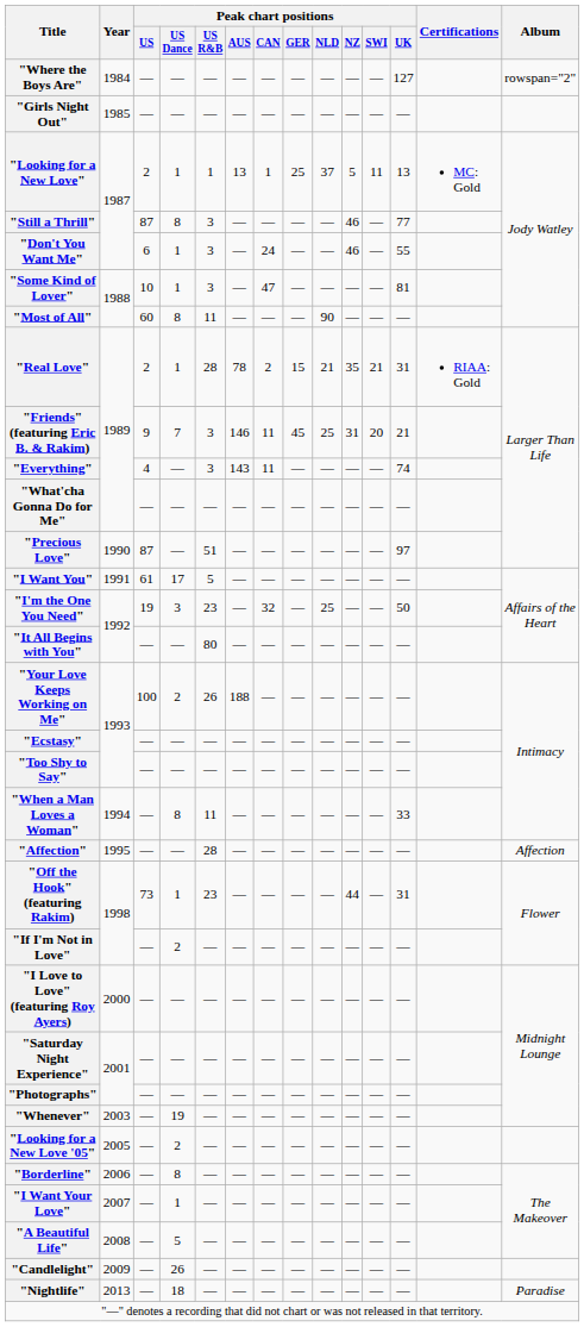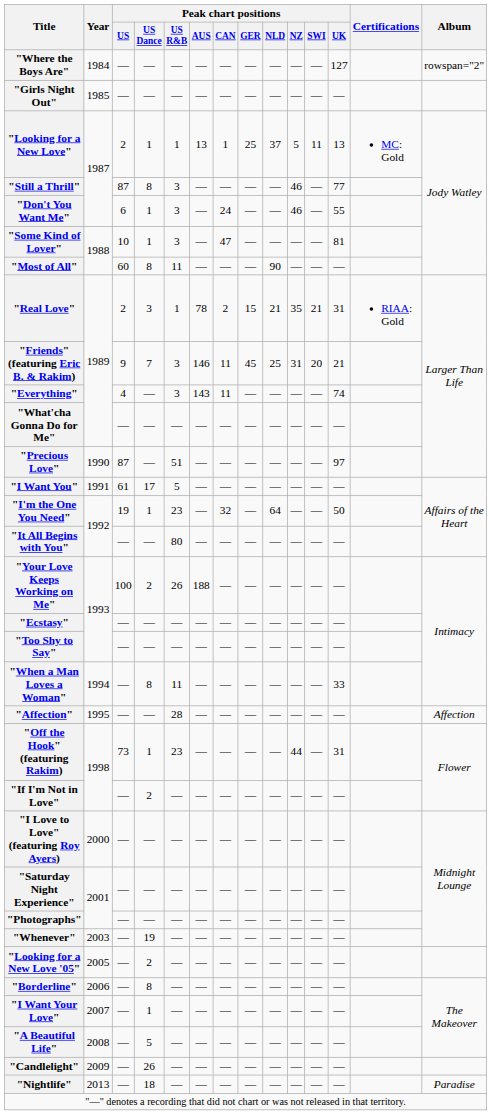 <table class="wikitable plainrowheaders" style="text-align:center;">
 <tr>
 <th rowspan="2">Title</th>
 <th rowspan="2">Year</th>
 <th colspan="10">Peak chart positions</th>
 <th rowspan="2"><a href='#'>Certifications</a></th>
 <th rowspan="2">Album</th>
 </tr>
 <tr style="font-size:smaller;">
 <th width="30"><a href='#'>US</a><br></th>
 <th width="30"><a href='#'>US Dance</a><br></th>
 <th width="30"><a href='#'>US R&B</a><br></th>
 <th width="30"><a href='#'>AUS</a><br></th>
 <th width="30"><a href='#'>CAN</a><br></th>
 <th width="30"><a href='#'>GER</a><br></th>
 <th width="30"><a href='#'>NLD</a><br></th>
 <th width="30"><a href='#'>NZ</a><br></th>
 <th width="30"><a href='#'>SWI</a><br></th>
 <th width="30"><a href='#'>UK</a><br></th>
 </tr>
 <tr>
 <th scope="row">"Where the Boys Are"</th>
 <td>1984</td>
 <td>—</td>
 <td>—</td>
 <td>—</td>
 <td>—</td>
 <td>—</td>
 <td>—</td>
 <td>—</td>
 <td>—</td>
 <td>—</td>
 <td>127</td>
 <td></td>
 <td>rowspan="2" </td>
 </tr>
 <tr>
 <th scope="row">"Girls Night Out"</th>
 <td>1985</td>
 <td>—</td>
 <td>—</td>
 <td>—</td>
 <td>—</td>
 <td>—</td>
 <td>—</td>
 <td>—</td>
 <td>—</td>
 <td>—</td>
 <td>—</td>
 <td></td>
 </tr>
 <tr>
 <th scope="row">"<a href='#'>Looking for a New Love</a>"</th>
 <td rowspan="3">1987</td>
 <td>2</td>
 <td>1</td>
 <td>1</td>
 <td>13</td>
 <td>1</td>
 <td>25</td>
 <td>37</td>
 <td>5</td>
 <td>11</td>
 <td>13</td>
 <td align="left"><br><ul><li><a href='#'>MC</a>: Gold</li></ul></td>
 <td rowspan="5"><em>Jody Watley</em></td>
 </tr>
 <tr>
 <th scope="row">"<a href='#'>Still a Thrill</a>"</th>
 <td>87</td>
 <td>8</td>
 <td>3</td>
 <td>—</td>
 <td>—</td>
 <td>—</td>
 <td>—</td>
 <td>46</td>
 <td>—</td>
 <td>77</td>
 <td></td>
 </tr>
 <tr>
 <th scope="row">"<a href='#'>Don't You Want Me</a>"</th>
 <td>6</td>
 <td>1</td>
 <td>3</td>
 <td>—</td>
 <td>24</td>
 <td>—</td>
 <td>—</td>
 <td>46</td>
 <td>—</td>
 <td>55</td>
 <td></td>
 </tr>
 <tr>
 <th scope="row">"<a href='#'>Some Kind of Lover</a>"</th>
 <td rowspan="2">1988</td>
 <td>10</td>
 <td>1</td>
 <td>3</td>
 <td>—</td>
 <td>47</td>
 <td>—</td>
 <td>—</td>
 <td>—</td>
 <td>—</td>
 <td>81</td>
 <td></td>
 </tr>
 <tr>
 <th scope="row">"<a href='#'>Most of All</a>"</th>
 <td>60</td>
 <td>8</td>
 <td>11</td>
 <td>—</td>
 <td>—</td>
 <td>—</td>
 <td>90</td>
 <td>—</td>
 <td>—</td>
 <td>—</td>
 <td></td>
 </tr>
 <tr>
 <th scope="row">"<a href='#'>Real Love</a>"</th>
 <td rowspan="4">1989</td>
 <td>2</td>
+<td>3</td>
 <td>1</td>
-<td>28</td>
 <td>78</td>
 <td>2</td>
 <td>15</td>
 <td>21</td>
 <td>35</td>
 <td>21</td>
 <td>31</td>
 <td align="left"><br><ul><li><a href='#'>RIAA</a>: Gold</li></ul></td>
 <td rowspan="5"><em>Larger Than Life</em></td>
 </tr>
 <tr>
 <th scope="row">"<a href='#'>Friends</a>"<br><span>(featuring <a href='#'>Eric B. & Rakim</a>)</span></th>
 <td>9</td>
 <td>7</td>
 <td>3</td>
 <td>146</td>
 <td>11</td>
 <td>45</td>
 <td>25</td>
 <td>31</td>
 <td>20</td>
 <td>21</td>
 <td></td>
 </tr>
 <tr>
 <th scope="row">"<a href='#'>Everything</a>"</th>
 <td>4</td>
 <td>—</td>
 <td>3</td>
 <td>143</td>
 <td>11</td>
 <td>—</td>
 <td>—</td>
 <td>—</td>
 <td>—</td>
 <td>74</td>
 <td></td>
 </tr>
 <tr>
 <th scope="row">"What'cha Gonna Do for Me"</th>
 <td>—</td>
 <td>—</td>
 <td>—</td>
 <td>—</td>
 <td>—</td>
 <td>—</td>
 <td>—</td>
 <td>—</td>
 <td>—</td>
 <td>—</td>
 <td></td>
 </tr>
 <tr>
 <th scope="row">"<a href='#'>Precious Love</a>"</th>
 <td>1990</td>
 <td>87</td>
 <td>—</td>
 <td>51</td>
 <td>—</td>
 <td>—</td>
 <td>—</td>
 <td>—</td>
 <td>—</td>
 <td>—</td>
 <td>97</td>
 <td></td>
 </tr>
 <tr>
 <th scope="row">"<a href='#'>I Want You</a>"</th>
 <td>1991</td>
 <td>61</td>
 <td>17</td>
 <td>5</td>
 <td>—</td>
 <td>—</td>
 <td>—</td>
 <td>—</td>
 <td>—</td>
 <td>—</td>
 <td>—</td>
 <td></td>
 <td rowspan="3"><em>Affairs of the Heart</em></td>
 </tr>
 <tr>
 <th scope="row">"<a href='#'>I'm the One You Need</a>"</th>
 <td rowspan="2">1992</td>
 <td>19</td>
-<td>3</td>
+<td>1</td>
 <td>23</td>
 <td>—</td>
 <td>32</td>
 <td>—</td>
-<td>25</td>
+<td>64</td>
 <td>—</td>
 <td>—</td>
 <td>50</td>
 <td></td>
 </tr>
 <tr>
 <th scope="row">"<a href='#'>It All Begins with You</a>"</th>
 <td>—</td>
 <td>—</td>
 <td>80</td>
 <td>—</td>
 <td>—</td>
 <td>—</td>
 <td>—</td>
 <td>—</td>
 <td>—</td>
 <td>—</td>
 <td></td>
 </tr>
 <tr>
 <th scope="row">"<a href='#'>Your Love Keeps Working on Me</a>"</th>
 <td rowspan="3">1993</td>
 <td>100</td>
 <td>2</td>
 <td>26</td>
 <td>188</td>
 <td>—</td>
 <td>—</td>
 <td>—</td>
 <td>—</td>
 <td>—</td>
 <td>—</td>
 <td></td>
 <td rowspan="4"><em>Intimacy</em></td>
 </tr>
 <tr>
 <th scope="row">"<a href='#'>Ecstasy</a>"</th>
 <td>—</td>
 <td>—</td>
 <td>—</td>
 <td>—</td>
 <td>—</td>
 <td>—</td>
 <td>—</td>
 <td>—</td>
 <td>—</td>
 <td>—</td>
 <td></td>
 </tr>
 <tr>
 <th scope="row">"<a href='#'>Too Shy to Say</a>"</th>
 <td>—</td>
 <td>—</td>
 <td>—</td>
 <td>—</td>
 <td>—</td>
 <td>—</td>
 <td>—</td>
 <td>—</td>
 <td>—</td>
 <td>—</td>
 <td></td>
 </tr>
 <tr>
 <th scope="row">"<a href='#'>When a Man Loves a Woman</a>"</th>
 <td>1994</td>
 <td>—</td>
 <td>8</td>
 <td>11</td>
 <td>—</td>
 <td>—</td>
 <td>—</td>
 <td>—</td>
 <td>—</td>
 <td>—</td>
 <td>33</td>
 <td></td>
 </tr>
 <tr>
 <th scope="row">"<a href='#'>Affection</a>"</th>
 <td>1995</td>
 <td>—</td>
 <td>—</td>
 <td>28</td>
 <td>—</td>
 <td>—</td>
 <td>—</td>
 <td>—</td>
 <td>—</td>
 <td>—</td>
 <td>—</td>
 <td></td>
 <td><em>Affection</em></td>
 </tr>
 <tr>
 <th scope="row">"<a href='#'>Off the Hook</a>"<br><span>(featuring <a href='#'>Rakim</a>)</span></th>
 <td rowspan="2">1998</td>
 <td>73</td>
 <td>1</td>
 <td>23</td>
 <td>—</td>
 <td>—</td>
 <td>—</td>
 <td>—</td>
 <td>44</td>
 <td>—</td>
 <td>31</td>
 <td></td>
 <td rowspan="2"><em>Flower</em></td>
 </tr>
 <tr>
 <th scope="row">"If I'm Not in Love"</th>
 <td>—</td>
 <td>2</td>
 <td>—</td>
 <td>—</td>
 <td>—</td>
 <td>—</td>
 <td>—</td>
 <td>—</td>
 <td>—</td>
 <td>—</td>
 <td></td>
 </tr>
 <tr>
 <th scope="row">"I Love to Love"<br><span>(featuring <a href='#'>Roy Ayers</a>)</span></th>
 <td>2000</td>
 <td>—</td>
 <td>—</td>
 <td>—</td>
 <td>—</td>
 <td>—</td>
 <td>—</td>
 <td>—</td>
 <td>—</td>
 <td>—</td>
 <td>—</td>
 <td></td>
 <td rowspan="4"><em>Midnight Lounge</em></td>
 </tr>
 <tr>
 <th scope="row">"Saturday Night Experience"</th>
 <td rowspan="2">2001</td>
 <td>—</td>
 <td>—</td>
 <td>—</td>
 <td>—</td>
 <td>—</td>
 <td>—</td>
 <td>—</td>
 <td>—</td>
 <td>—</td>
 <td>—</td>
 <td></td>
 </tr>
 <tr>
 <th scope="row">"Photographs"</th>
 <td>—</td>
 <td>—</td>
 <td>—</td>
 <td>—</td>
 <td>—</td>
 <td>—</td>
 <td>—</td>
 <td>—</td>
 <td>—</td>
 <td>—</td>
 <td></td>
 </tr>
 <tr>
 <th scope="row">"Whenever"</th>
 <td>2003</td>
 <td>—</td>
 <td>19</td>
 <td>—</td>
 <td>—</td>
 <td>—</td>
 <td>—</td>
 <td>—</td>
 <td>—</td>
 <td>—</td>
 <td>—</td>
 <td></td>
 </tr>
 <tr>
 <th scope="row">"<a href='#'>Looking for a New Love '05</a>"</th>
 <td>2005</td>
 <td>—</td>
 <td>2</td>
 <td>—</td>
 <td>—</td>
 <td>—</td>
 <td>—</td>
 <td>—</td>
 <td>—</td>
 <td>—</td>
 <td>—</td>
 <td></td>
 <td></td>
 </tr>
 <tr>
 <th scope="row">"<a href='#'>Borderline</a>"</th>
 <td>2006</td>
 <td>—</td>
 <td>8</td>
 <td>—</td>
 <td>—</td>
 <td>—</td>
 <td>—</td>
 <td>—</td>
 <td>—</td>
 <td>—</td>
 <td>—</td>
 <td></td>
 <td rowspan="3"><em>The Makeover</em></td>
 </tr>
 <tr>
 <th scope="row">"<a href='#'>I Want Your Love</a>"</th>
 <td>2007</td>
 <td>—</td>
 <td>1</td>
 <td>—</td>
 <td>—</td>
 <td>—</td>
 <td>—</td>
 <td>—</td>
 <td>—</td>
 <td>—</td>
 <td>—</td>
 <td></td>
 </tr>
 <tr>
 <th scope="row">"<a href='#'>A Beautiful Life</a>"</th>
 <td>2008</td>
 <td>—</td>
 <td>5</td>
 <td>—</td>
 <td>—</td>
 <td>—</td>
 <td>—</td>
 <td>—</td>
 <td>—</td>
 <td>—</td>
 <td>—</td>
 <td></td>
 </tr>
 <tr>
 <th scope="row">"Candlelight"</th>
 <td>2009</td>
 <td>—</td>
 <td>26</td>
 <td>—</td>
 <td>—</td>
 <td>—</td>
 <td>—</td>
 <td>—</td>
 <td>—</td>
 <td>—</td>
 <td>—</td>
 <td></td>
 <td></td>
 </tr>
 <tr>
 <th scope="row">"Nightlife"</th>
 <td>2013</td>
 <td>—</td>
 <td>18</td>
 <td>—</td>
 <td>—</td>
 <td>—</td>
 <td>—</td>
 <td>—</td>
 <td>—</td>
 <td>—</td>
 <td>—</td>
 <td></td>
 <td><em>Paradise</em></td>
 </tr>
 <tr>
 <td colspan="15" style="font-size:90%">"—" denotes a recording that did not chart or was not released in that territory.</td>
 </tr>
 </table>
